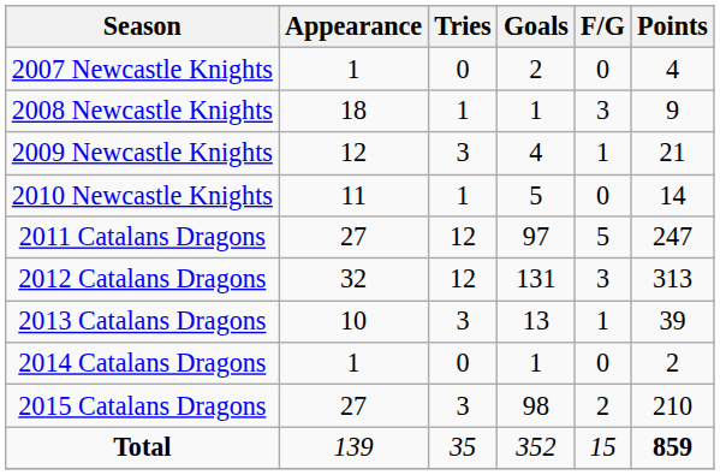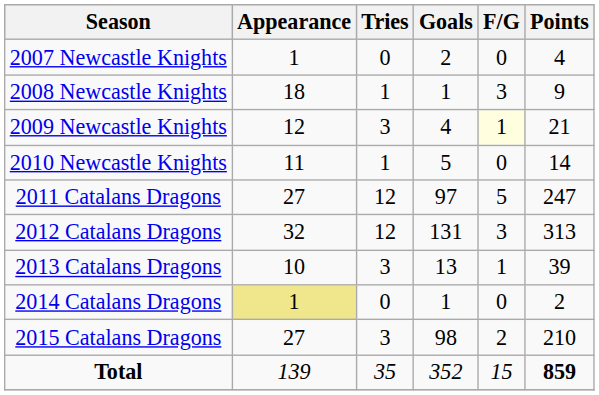 <table class="wikitable" style="text-align:center;">
 <tr bgcolor=#bdb76b>
 <th>Season</th>
 <th>Appearance</th>
 <th>Tries</th>
 <th>Goals</th>
 <th>F/G</th>
 <th>Points</th>
 </tr>
 <tr>
 <td><a href='#'>2007 Newcastle Knights</a></td>
 <td>1</td>
 <td>0</td>
 <td>2</td>
 <td>0</td>
 <td>4</td>
 </tr>
 <tr>
 <td><a href='#'>2008 Newcastle Knights</a></td>
 <td>18</td>
 <td>1</td>
 <td>1</td>
 <td>3</td>
 <td>9</td>
 </tr>
 <tr>
 <td><a href='#'>2009 Newcastle Knights</a></td>
 <td>12</td>
 <td>3</td>
 <td>4</td>
-<td>1</td>
+<td style="background: lightyellow;">1</td>
 <td>21</td>
 </tr>
 <tr>
 <td><a href='#'>2010 Newcastle Knights</a></td>
 <td>11</td>
 <td>1</td>
 <td>5</td>
 <td>0</td>
 <td>14</td>
 </tr>
 <tr>
 <td><a href='#'>2011 Catalans Dragons</a></td>
 <td>27</td>
 <td>12</td>
 <td>97</td>
 <td>5</td>
 <td>247</td>
 </tr>
 <tr>
 <td><a href='#'>2012 Catalans Dragons</a></td>
 <td>32</td>
 <td>12</td>
 <td>131</td>
 <td>3</td>
 <td>313</td>
 </tr>
 <tr>
 <td><a href='#'>2013 Catalans Dragons</a></td>
 <td>10</td>
 <td>3</td>
 <td>13</td>
 <td>1</td>
 <td>39</td>
 </tr>
 <tr>
 <td><a href='#'>2014 Catalans Dragons</a></td>
-<td>1</td>
+<td style="background: khaki;">1</td>
 <td>0</td>
 <td>1</td>
 <td>0</td>
 <td>2</td>
 </tr>
 <tr>
 <td><a href='#'>2015 Catalans Dragons</a></td>
 <td>27</td>
 <td>3</td>
 <td>98</td>
 <td>2</td>
 <td>210</td>
 </tr>
 <tr>
 <td><strong>Total</strong></td>
 <td><em>139</em></td>
 <td><em>35</em></td>
 <td><em>352</em></td>
 <td><em>15</em></td>
 <td><strong>859</strong></td>
 </tr>
 <tr>
 </tr>
 </table>
